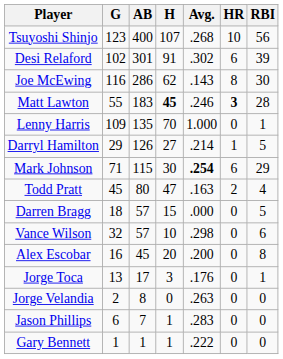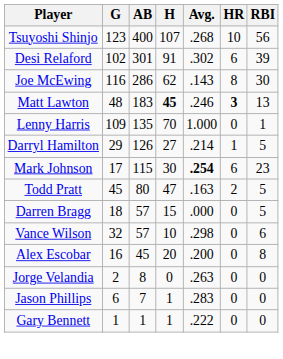 <table class="wikitable sortable">
 <tr>
 <th>Player</th>
 <th>G</th>
 <th>AB</th>
 <th>H</th>
 <th>Avg.</th>
 <th>HR</th>
 <th>RBI</th>
 </tr>
 <tr align=center>
 <td><a href='#'>Tsuyoshi Shinjo</a></td>
 <td>123</td>
 <td>400</td>
 <td>107</td>
 <td>.268</td>
 <td>10</td>
 <td>56</td>
 </tr>
 <tr align=center>
 <td><a href='#'>Desi Relaford</a></td>
 <td>102</td>
 <td>301</td>
 <td>91</td>
 <td>.302</td>
 <td>6</td>
 <td>39</td>
 </tr>
 <tr align=center>
 <td><a href='#'>Joe McEwing</a></td>
 <td>116</td>
 <td>286</td>
 <td>62</td>
 <td>.143</td>
 <td>8</td>
 <td>30</td>
 </tr>
 <tr align=center>
 <td><a href='#'>Matt Lawton</a></td>
-<td>55</td>
+<td>48</td>
 <td>183</td>
 <td><strong>45</strong></td>
 <td>.246</td>
 <td><strong>3</strong></td>
-<td>28</td>
+<td>13</td>
 </tr>
 <tr align=center>
 <td><a href='#'>Lenny Harris</a></td>
 <td>109</td>
 <td>135</td>
 <td>70</td>
 <td>1.000</td>
 <td>0</td>
 <td>1</td>
 </tr>
 <tr align=center>
 <td><a href='#'>Darryl Hamilton</a></td>
 <td>29</td>
 <td>126</td>
 <td>27</td>
 <td>.214</td>
 <td>1</td>
 <td>5</td>
 </tr>
 <tr align=center>
 <td><a href='#'>Mark Johnson</a></td>
-<td>71</td>
+<td>17</td>
 <td>115</td>
 <td>30</td>
 <td><strong>.254</strong></td>
 <td>6</td>
-<td>29</td>
+<td>23</td>
 </tr>
 <tr align=center>
 <td><a href='#'>Todd Pratt</a></td>
 <td>45</td>
 <td>80</td>
 <td>47</td>
 <td>.163</td>
 <td>2</td>
-<td>4</td>
+<td>5</td>
 </tr>
 <tr align=center>
 <td><a href='#'>Darren Bragg</a></td>
 <td>18</td>
 <td>57</td>
 <td>15</td>
 <td>.000</td>
 <td>0</td>
 <td>5</td>
 </tr>
 <tr align=center>
 <td><a href='#'>Vance Wilson</a></td>
 <td>32</td>
 <td>57</td>
 <td>10</td>
 <td>.298</td>
 <td>0</td>
 <td>6</td>
 </tr>
 <tr align=center>
 <td><a href='#'>Alex Escobar</a></td>
 <td>16</td>
 <td>45</td>
 <td>20</td>
 <td>.200</td>
 <td>0</td>
 <td>8</td>
 </tr>
 <tr align=center>
-<td><a href='#'>Jorge Toca</a></td>
-<td>13</td>
-<td>17</td>
-<td>3</td>
-<td>.176</td>
-<td>0</td>
-<td>1</td>
-</tr>
-<tr align=center>
 <td><a href='#'>Jorge Velandia</a></td>
 <td>2</td>
 <td>8</td>
 <td>0</td>
 <td>.263</td>
 <td>0</td>
 <td>0</td>
 </tr>
 <tr align=center>
 <td><a href='#'>Jason Phillips</a></td>
 <td>6</td>
 <td>7</td>
 <td>1</td>
 <td>.283</td>
 <td>0</td>
 <td>0</td>
 </tr>
 <tr align=center>
 <td><a href='#'>Gary Bennett</a></td>
 <td>1</td>
 <td>1</td>
 <td>1</td>
 <td>.222</td>
 <td>0</td>
 <td>0</td>
 </tr>
 </table>
